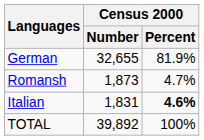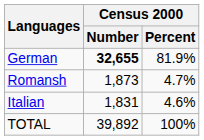 <table class="wikitable">
 <tr ---->
 <th rowspan="2">Languages</th>
 <th colspan="2">Census 2000</th>
 </tr>
 <tr ---->
 <th>Number</th>
 <th>Percent</th>
 </tr>
 <tr ---->
 <td><a href='#'>German</a></td>
-<td align=right>32,655</td>
+<td align=right><strong>32,655</strong></td>
 <td align=right>81.9%</td>
 </tr>
 <tr ---->
 <td><a href='#'>Romansh</a></td>
 <td align=right>1,873</td>
 <td align=right>4.7%</td>
 </tr>
 <tr ---->
 <td><a href='#'>Italian</a></td>
 <td align=right>1,831</td>
-<td align=right><strong>4.6%</strong></td>
+<td align=right>4.6%</td>
 </tr>
 <tr ---->
 <td>TOTAL</td>
 <td align=right>39,892</td>
 <td align=right>100%</td>
 </tr>
 </table>
